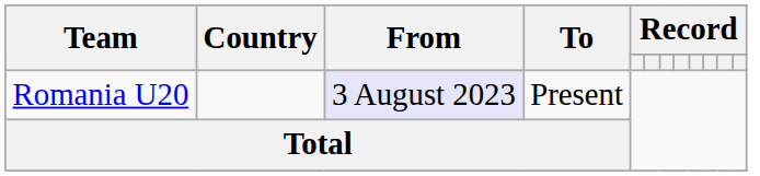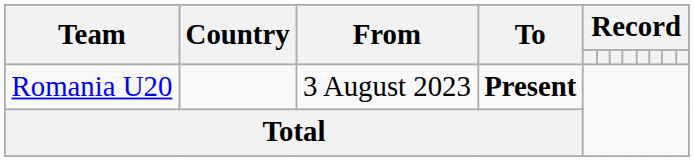 <table class="wikitable" style="text-align: center">
 <tr>
 <th rowspan="2">Team</th>
 <th rowspan="2">Country</th>
 <th rowspan="2">From</th>
 <th rowspan="2">To</th>
 <th colspan="8">Record</th>
 </tr>
 <tr>
 <th></th>
 <th></th>
 <th></th>
 <th></th>
 <th></th>
 <th></th>
 <th></th>
 <th></th>
 </tr>
 <tr>
 <td align=left><a href='#'>Romania U20</a></td>
 <td></td>
-<td align=left style="background: lavender;">3 August 2023</td>
-<td align=left>Present<br></td>
+<td align=left>3 August 2023</td>
+<td align=left><strong>Present<br></strong></td>
 </tr>
 <tr>
 <th colspan=4>Total<br></th>
 </tr>
 </table>
